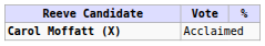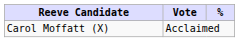 <table class="wikitable">
 <tr>
 <th style="background:#ddf; width:200px;">Reeve Candidate </th>
 <th style="background:#ddf; width:50px;">Vote</th>
 <th style="background:#ddf; width:30px;">%</th>
 </tr>
 <tr>
-<td><strong>Carol Moffatt (X)</strong></td>
+<td>Carol Moffatt (X)</td>
 <td colspan="2">Acclaimed</td>
 </tr>
 </table>
